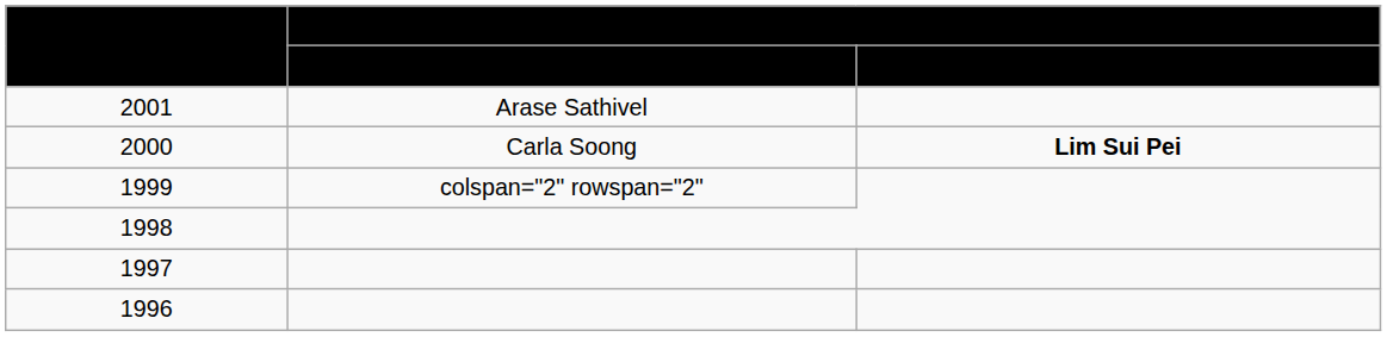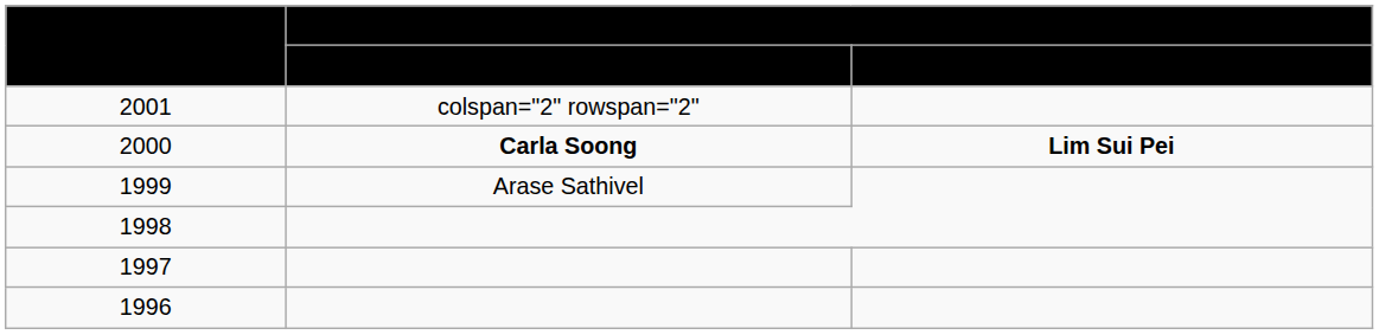 <table class="wikitable" style="text-align:center; font-size:85%; line-height:17px; width:90%;">
 <tr>
 <th rowspan="2" style="background:black; width:05%;" scope="col"><span>Year</span></th>
 <th colspan="2" style="background:black; width:05%;" scope="col"><span>Miss Malaysia Tourism Pageant Elemental Court Titlists</span></th>
 </tr>
 <tr>
 <th style="background:black; width:10%;" scope="col"><span>Miss Malaysia Tourism Queen Of The Year</span></th>
 <th style="background:black; width:9.3%;" scope="col"><span>Miss Malaysia Asia Pacific</span></th>
 </tr>
 <tr>
 <td>2001</td>
-<td>Arase Sathivel</td>
+<td>colspan="2" rowspan="2" </td>
 <td></td>
 </tr>
 <tr>
 <td>2000</td>
-<td>Carla Soong</td>
+<td><strong>Carla Soong</strong></td>
 <td><strong>Lim Sui Pei</strong></td>
 </tr>
 <tr>
 <td>1999</td>
-<td>colspan="2" rowspan="2" </td>
+<td>Arase Sathivel</td>
 </tr>
 <tr>
 <td>1998</td>
 </tr>
 <tr>
 <td>1997</td>
 <td></td>
 <td></td>
 </tr>
 <tr>
 <td>1996</td>
 <td></td>
 <td></td>
 </tr>
 </table>
